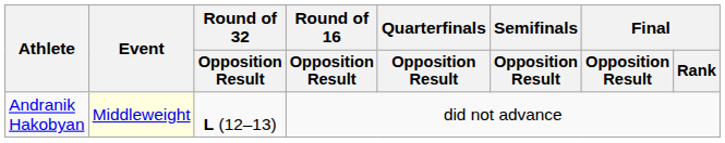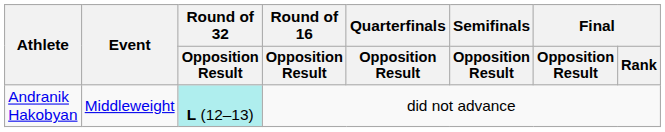 <table class="wikitable" style="font-size:90%">
 <tr>
 <th rowspan="2">Athlete</th>
 <th rowspan="2">Event</th>
 <th>Round of 32</th>
 <th>Round of 16</th>
 <th>Quarterfinals</th>
 <th>Semifinals</th>
 <th colspan=2>Final</th>
 </tr>
 <tr style="font-size: 95%">
 <th>Opposition<br>Result</th>
 <th>Opposition<br>Result</th>
 <th>Opposition<br>Result</th>
 <th>Opposition<br>Result</th>
 <th>Opposition<br>Result</th>
 <th>Rank</th>
 </tr>
 <tr align=center>
 <td align=left><a href='#'>Andranik Hakobyan</a></td>
-<td align=left style="background: lightyellow;"><a href='#'>Middleweight</a></td>
-<td><br><strong>L</strong>  (12–13)</td>
+<td align=left><a href='#'>Middleweight</a></td>
+<td style="background: paleturquoise;"><br><strong>L</strong>  (12–13)</td>
 <td colspan=5>did not advance</td>
 </tr>
 </table>
